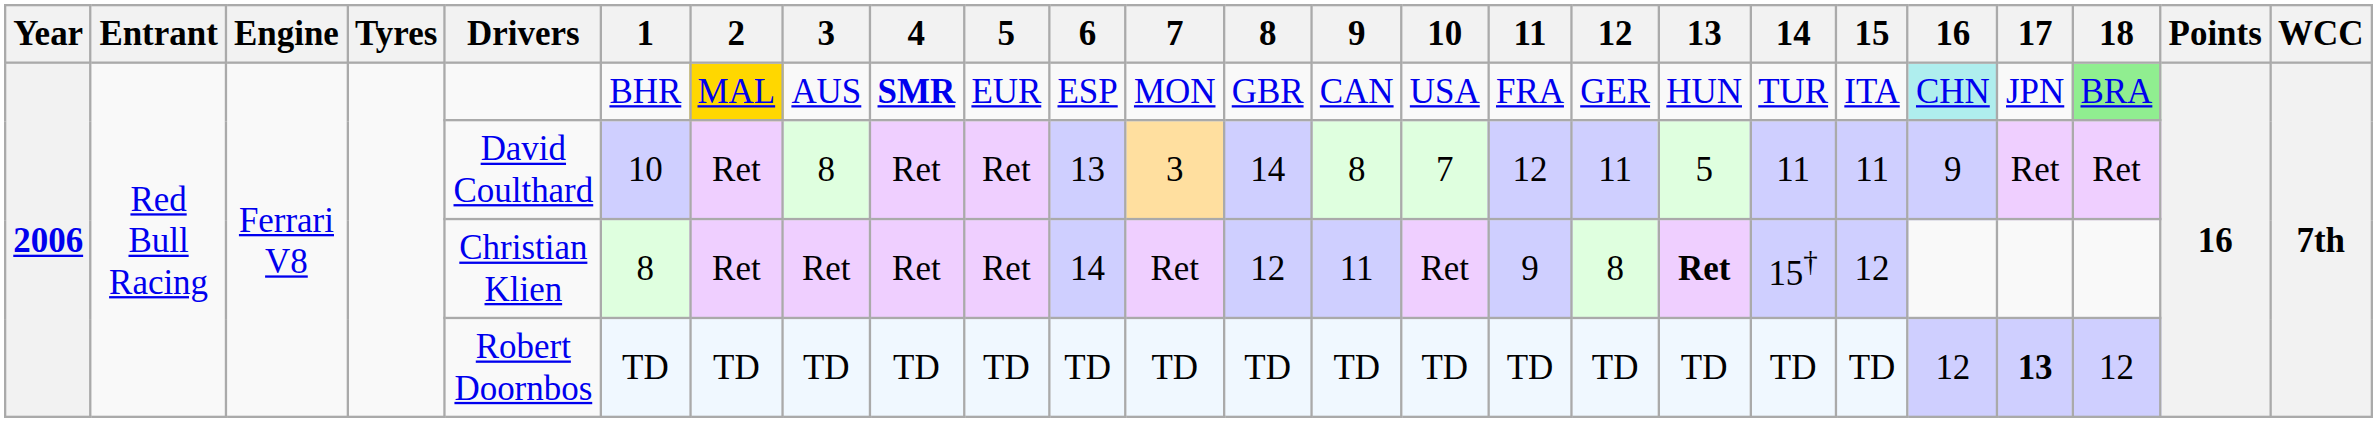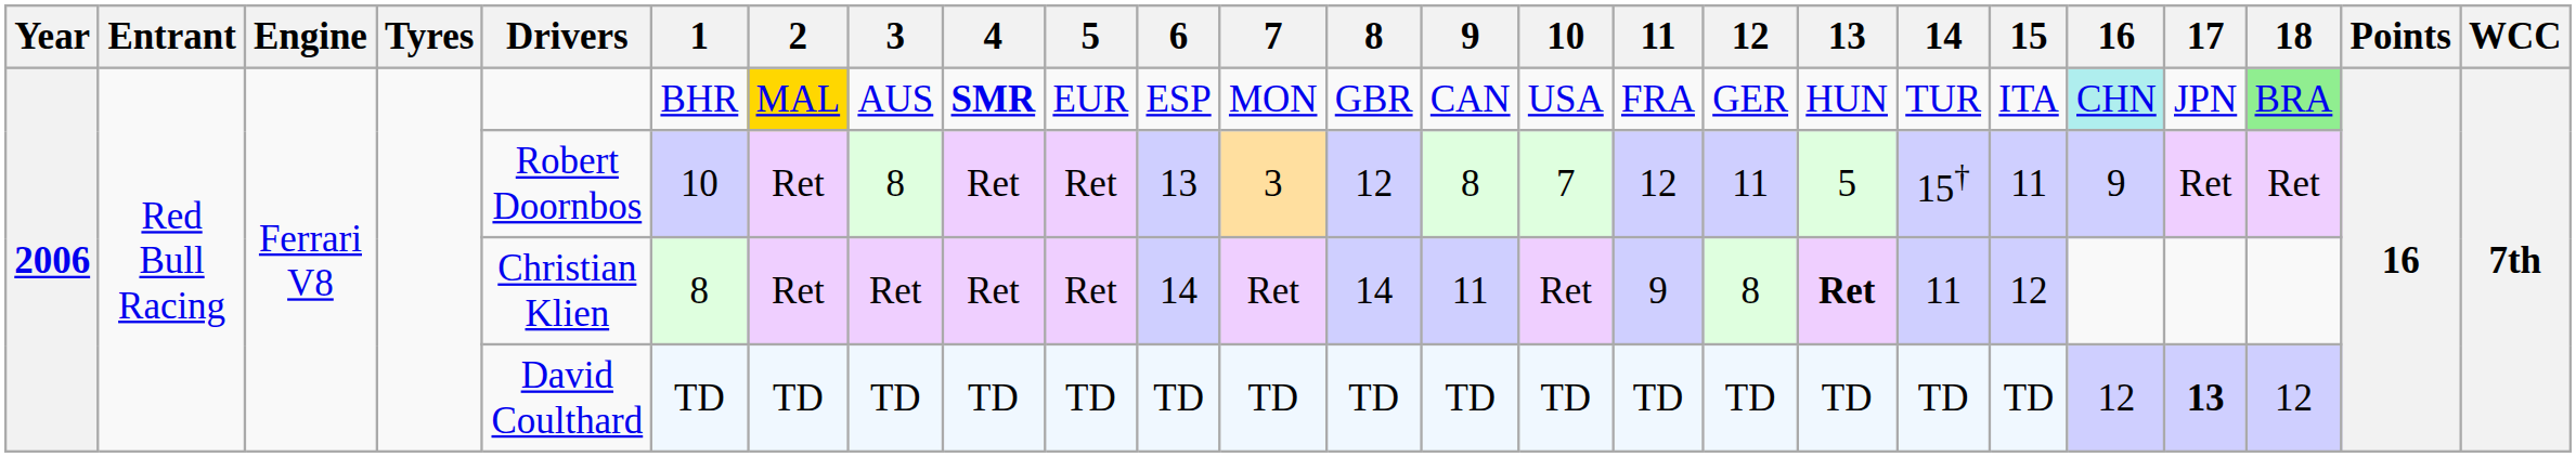 <table class="wikitable" style="text-align:center; font-size:95%">
 <tr>
 <th>Year</th>
 <th>Entrant</th>
 <th>Engine</th>
 <th>Tyres</th>
 <th>Drivers</th>
 <th>1</th>
 <th>2</th>
 <th>3</th>
 <th>4</th>
 <th>5</th>
 <th>6</th>
 <th>7</th>
 <th>8</th>
 <th>9</th>
 <th>10</th>
 <th>11</th>
 <th>12</th>
 <th>13</th>
 <th>14</th>
 <th>15</th>
 <th>16</th>
 <th>17</th>
 <th>18</th>
 <th>Points</th>
 <th>WCC</th>
 </tr>
 <tr>
 <th rowspan="4"><a href='#'>2006</a></th>
 <td rowspan="4"><a href='#'>Red Bull Racing</a></td>
 <td rowspan="4"><a href='#'>Ferrari</a> <a href='#'>V8</a></td>
 <td rowspan="4"></td>
 <td></td>
 <td><a href='#'>BHR</a></td>
 <td style="background: gold;"><a href='#'>MAL</a></td>
 <td><a href='#'>AUS</a></td>
 <td><strong><a href='#'>SMR</a></strong></td>
 <td><a href='#'>EUR</a></td>
 <td><a href='#'>ESP</a></td>
 <td><a href='#'>MON</a></td>
 <td><a href='#'>GBR</a></td>
 <td><a href='#'>CAN</a></td>
 <td><a href='#'>USA</a></td>
 <td><a href='#'>FRA</a></td>
 <td><a href='#'>GER</a></td>
 <td><a href='#'>HUN</a></td>
 <td><a href='#'>TUR</a></td>
 <td><a href='#'>ITA</a></td>
 <td style="background: paleturquoise;"><a href='#'>CHN</a></td>
 <td><a href='#'>JPN</a></td>
 <td style="background: lightgreen;"><a href='#'>BRA</a></td>
 <th rowspan="4">16</th>
 <th rowspan="4">7th</th>
 </tr>
 <tr>
-<td> <a href='#'>David Coulthard</a></td>
+<td> <a href='#'>Robert Doornbos</a></td>
 <td style="background:#CFCFFF;">10</td>
 <td style="background:#EFCFFF;">Ret</td>
 <td style="background:#DFFFDF;">8</td>
 <td style="background:#EFCFFF;">Ret</td>
 <td style="background:#EFCFFF;">Ret</td>
 <td style="background:#CFCFFF;">13</td>
 <td style="background:#FFDF9F;">3</td>
-<td style="background:#CFCFFF;">14</td>
+<td style="background:#CFCFFF;">12</td>
 <td style="background:#DFFFDF;">8</td>
 <td style="background:#DFFFDF;">7</td>
 <td style="background:#CFCFFF;">12</td>
 <td style="background:#CFCFFF;">11</td>
 <td style="background:#DFFFDF;">5</td>
-<td style="background:#CFCFFF;">11</td>
+<td style="background:#CFCFFF;">15<sup>†</sup></td>
 <td style="background:#CFCFFF;">11</td>
 <td style="background:#CFCFFF;">9</td>
 <td style="background:#EFCFFF;">Ret</td>
 <td style="background:#EFCFFF;">Ret</td>
 </tr>
 <tr>
 <td> <a href='#'>Christian Klien</a></td>
 <td style="background:#DFFFDF;">8</td>
 <td style="background:#EFCFFF;">Ret</td>
 <td style="background:#EFCFFF;">Ret</td>
 <td style="background:#EFCFFF;">Ret</td>
 <td style="background:#EFCFFF;">Ret</td>
 <td style="background:#CFCFFF;">14</td>
 <td style="background:#EFCFFF;">Ret</td>
-<td style="background:#CFCFFF;">12</td>
+<td style="background:#CFCFFF;">14</td>
 <td style="background:#CFCFFF;">11</td>
 <td style="background:#EFCFFF;">Ret</td>
 <td style="background:#CFCFFF;">9</td>
 <td style="background:#DFFFDF;">8</td>
 <td style="background:#EFCFFF;"><strong>Ret</strong></td>
-<td style="background:#CFCFFF;">15<sup>†</sup></td>
+<td style="background:#CFCFFF;">11</td>
 <td style="background:#CFCFFF;">12</td>
 <td></td>
 <td></td>
 <td></td>
 </tr>
 <tr>
-<td> <a href='#'>Robert Doornbos</a></td>
+<td> <a href='#'>David Coulthard</a></td>
 <td style="background:#F0F8FF;">TD</td>
 <td style="background:#F0F8FF;">TD</td>
 <td style="background:#F0F8FF;">TD</td>
 <td style="background:#F0F8FF;">TD</td>
 <td style="background:#F0F8FF;">TD</td>
 <td style="background:#F0F8FF;">TD</td>
 <td style="background:#F0F8FF;">TD</td>
 <td style="background:#F0F8FF;">TD</td>
 <td style="background:#F0F8FF;">TD</td>
 <td style="background:#F0F8FF;">TD</td>
 <td style="background:#F0F8FF;">TD</td>
 <td style="background:#F0F8FF;">TD</td>
 <td style="background:#F0F8FF;">TD</td>
 <td style="background:#F0F8FF;">TD</td>
 <td style="background:#F0F8FF;">TD</td>
 <td style="background:#CFCFFF;">12</td>
 <td style="background:#CFCFFF;"><strong>13</strong></td>
 <td style="background:#CFCFFF;">12</td>
 </tr>
 </table>
